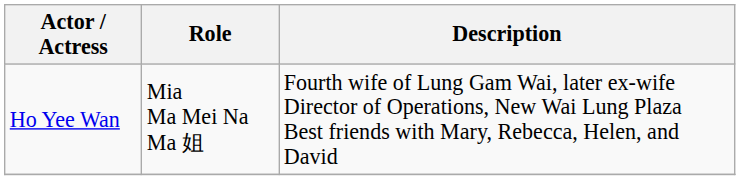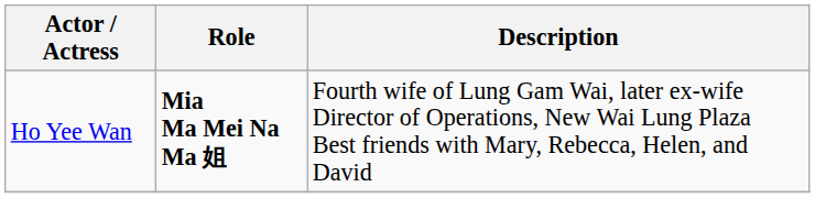 <table class="wikitable" style="width:60%;">
 <tr>
 <th style="width:12%">Actor / Actress</th>
 <th style="width:12%">Role</th>
 <th style="width:40%">Description</th>
 </tr>
 <tr>
 <td><a href='#'>Ho Yee Wan</a></td>
-<td>Mia <br> Ma Mei Na<br> Ma 姐</td>
+<td><strong>Mia <br> Ma Mei Na<br> Ma 姐</strong></td>
 <td>Fourth wife of Lung Gam Wai, later ex-wife<br>Director of Operations, New Wai Lung Plaza<br>Best friends with Mary, Rebecca, Helen, and David</td>
 </tr>
 <tr>
 </tr>
 </table>
